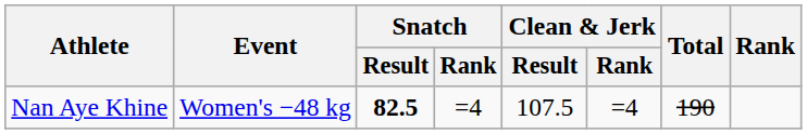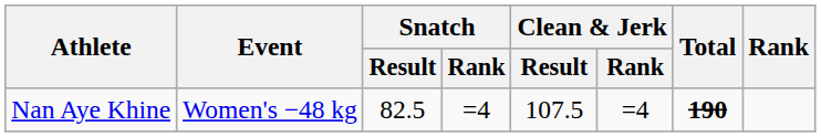 <table class="wikitable" style="font-size:90%">
 <tr>
 <th rowspan="2">Athlete</th>
 <th rowspan="2">Event</th>
 <th colspan="2">Snatch</th>
 <th colspan="2">Clean & Jerk</th>
 <th rowspan="2">Total</th>
 <th rowspan="2">Rank</th>
 </tr>
 <tr style="font-size:95%">
 <th>Result</th>
 <th>Rank</th>
 <th>Result</th>
 <th>Rank</th>
 </tr>
 <tr align=center>
 <td align=left><a href='#'>Nan Aye Khine</a></td>
 <td align=left><a href='#'>Women's −48 kg</a></td>
-<td><strong>82.5</strong></td>
+<td>82.5</td>
 <td>=4</td>
 <td>107.5</td>
 <td>=4</td>
-<td><s>190</s></td>
+<td><strong><s>190</s></strong></td>
 <td></td>
 </tr>
 </table>
